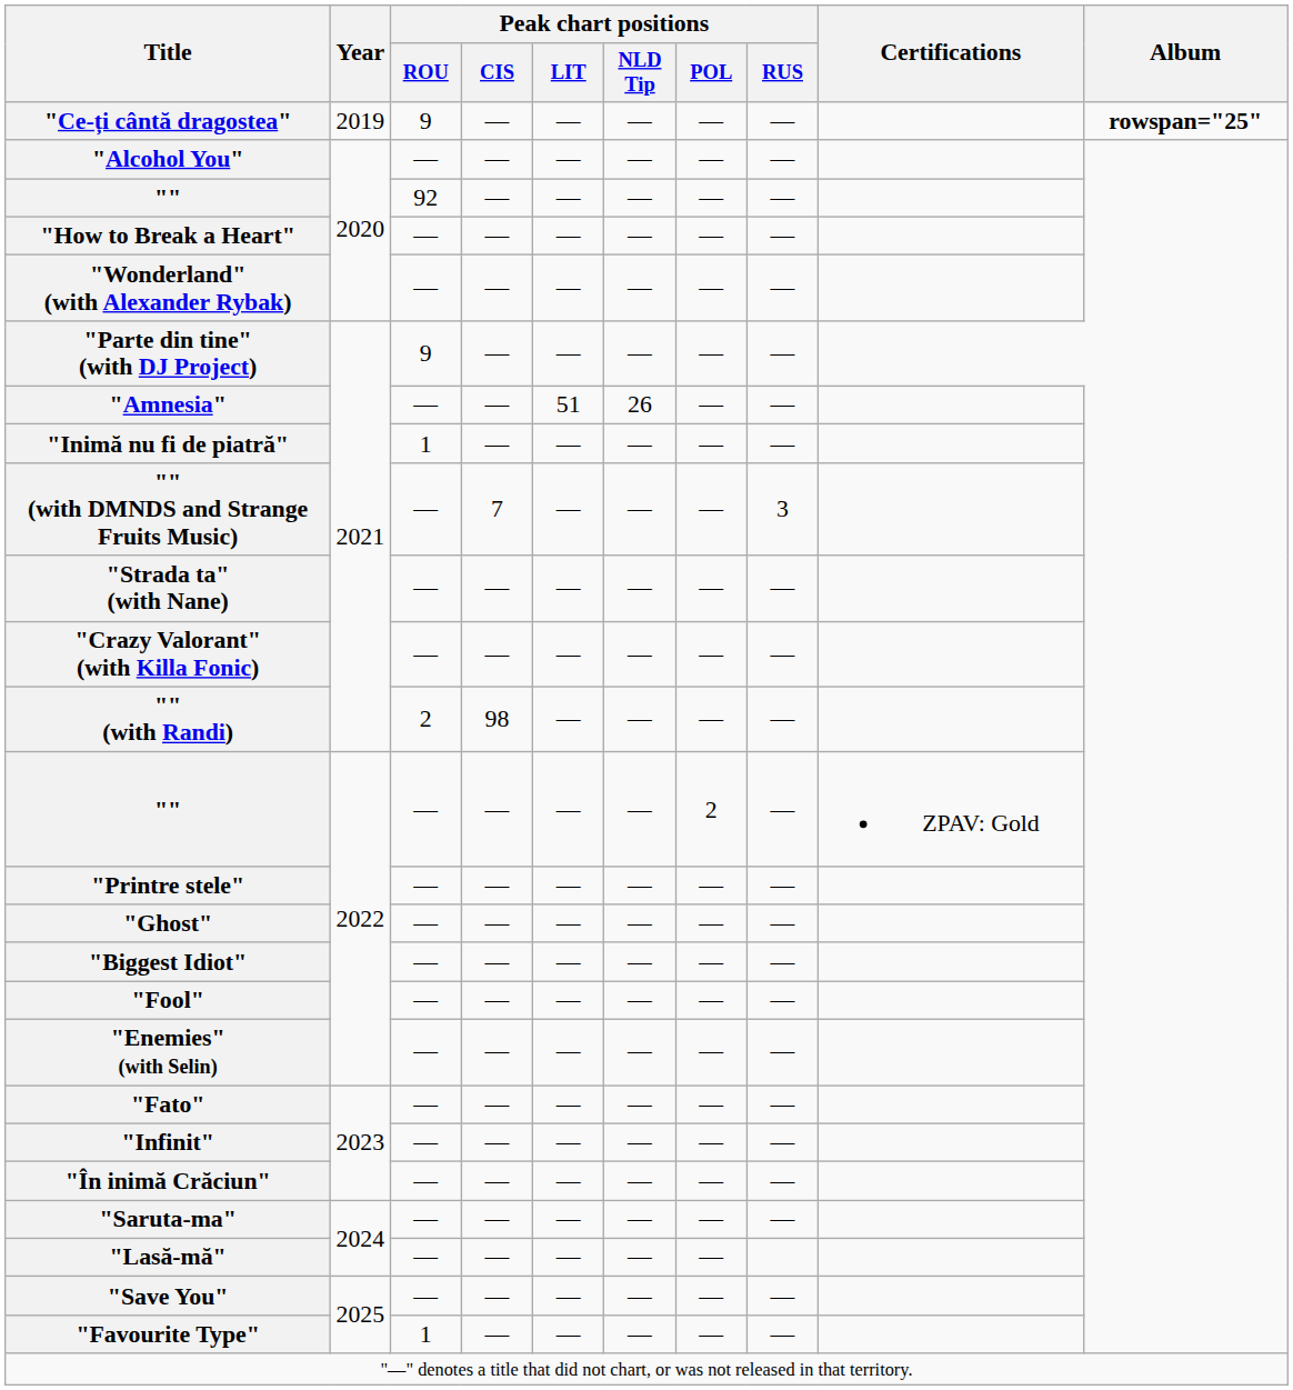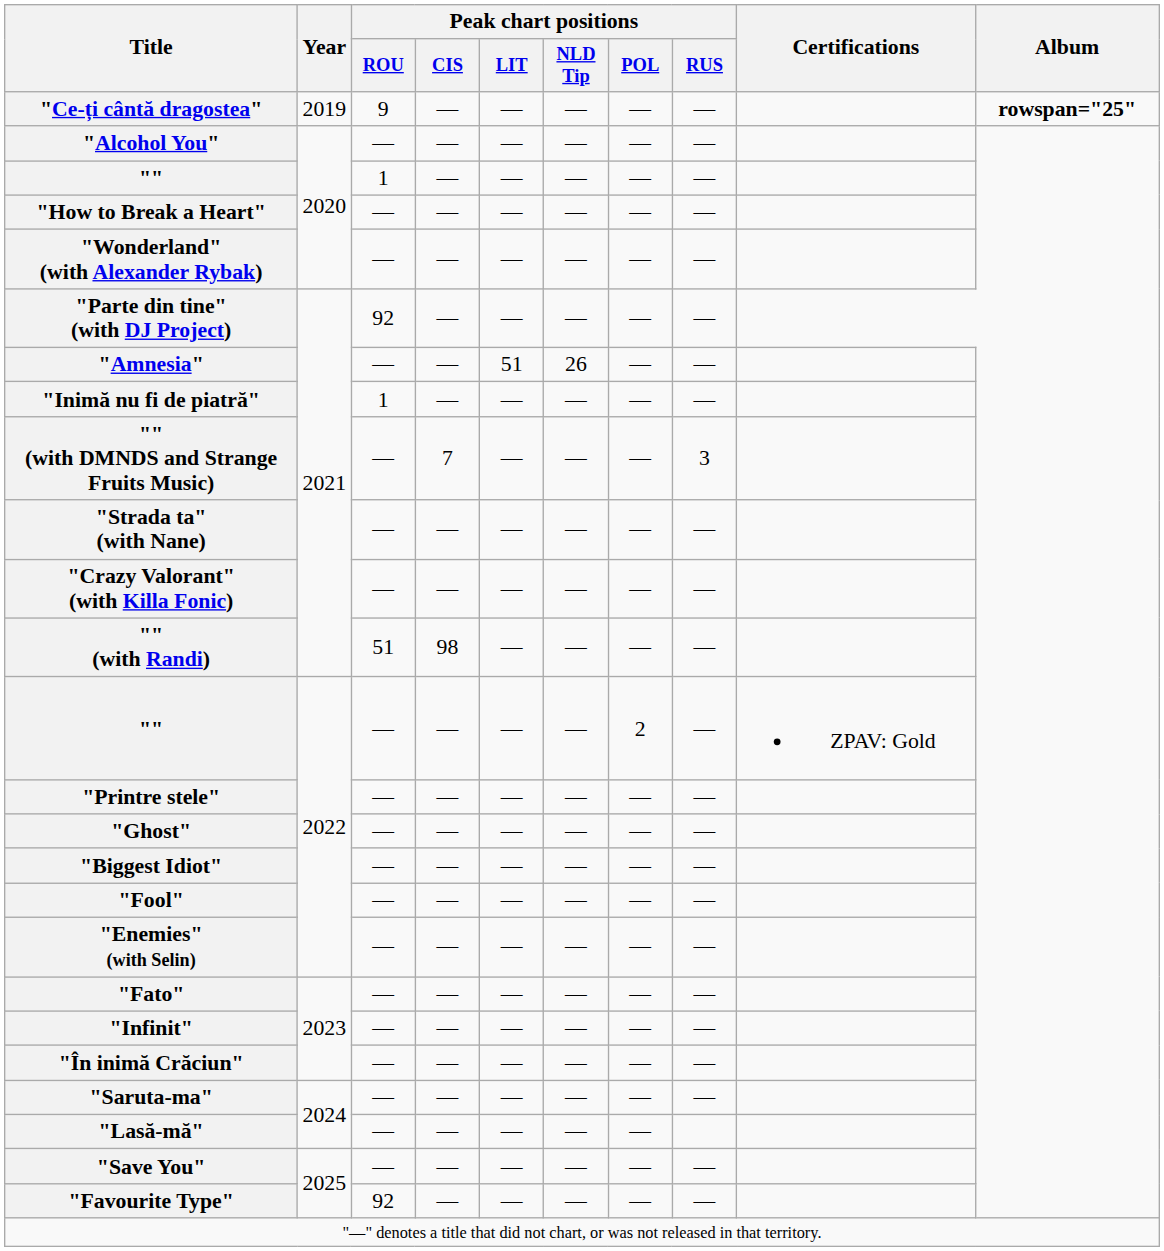 <table class="wikitable plainrowheaders" style="text-align:center;">
 <tr>
 <th scope="col" rowspan="2" style="width:13em;">Title</th>
 <th scope="col" rowspan="2" style="width:2em;">Year</th>
 <th scope="col" colspan="6">Peak chart positions</th>
 <th scope="col" rowspan="2" style="width:10.5em;">Certifications</th>
 <th scope="col" rowspan="2" style="width:8em;">Album</th>
 </tr>
 <tr>
 <th style="width:3em;font-size:85%"><a href='#'>ROU</a><br></th>
 <th style="width:3em;font-size:85%"><a href='#'>CIS</a><br></th>
 <th style="width:3em;font-size:85%"><a href='#'>LIT</a><br></th>
 <th style="width:3em;font-size:85%"><a href='#'>NLD<br>Tip</a><br></th>
 <th style="width:3em;font-size:85%"><a href='#'>POL</a><br></th>
 <th style="width:3em;font-size:85%"><a href='#'>RUS</a><br></th>
 </tr>
 <tr>
 <th scope="row">"<a href='#'>Ce-ți cântă dragostea</a>"</th>
 <td>2019</td>
 <td>9</td>
 <td>—</td>
 <td>—</td>
 <td>—</td>
 <td>—</td>
 <td>—</td>
 <td></td>
 <td><strong>rowspan="25" </strong></td>
 </tr>
 <tr>
 <th scope="row">"<a href='#'>Alcohol You</a>"</th>
 <td rowspan="4">2020</td>
 <td>—</td>
 <td>—</td>
 <td>—</td>
 <td>—</td>
 <td>—</td>
 <td>—</td>
 <td></td>
 </tr>
 <tr>
 <th scope="row">""</th>
-<td>92</td>
+<td>1</td>
 <td>—</td>
 <td>—</td>
 <td>—</td>
 <td>—</td>
 <td>—</td>
 <td></td>
 </tr>
 <tr>
 <th scope="row">"How to Break a Heart"</th>
 <td>—</td>
 <td>—</td>
 <td>—</td>
 <td>—</td>
 <td>—</td>
 <td>—</td>
 <td></td>
 </tr>
 <tr>
 <th scope="row">"Wonderland"<br><span>(with <a href='#'>Alexander Rybak</a>)</span></th>
 <td>—</td>
 <td>—</td>
 <td>—</td>
 <td>—</td>
 <td>—</td>
 <td>—</td>
 <td></td>
 </tr>
 <tr>
 <th scope="row">"Parte din tine"<br><span>(with <a href='#'>DJ Project</a>)</span></th>
 <td rowspan="7">2021</td>
-<td>9</td>
+<td>92</td>
 <td>—</td>
 <td>—</td>
 <td>—</td>
 <td>—</td>
 <td>—</td>
 </tr>
 <tr>
 <th scope="row">"<a href='#'>Amnesia</a>"</th>
 <td>—</td>
 <td>—</td>
 <td>51</td>
 <td>26</td>
 <td>—</td>
 <td>—</td>
 <td></td>
 </tr>
 <tr>
 <th scope="row">"Inimă nu fi de piatră"</th>
 <td>1</td>
 <td>—</td>
 <td>—</td>
 <td>—</td>
 <td>—</td>
 <td>—</td>
 <td></td>
 </tr>
 <tr>
 <th scope="row">""<br><span>(with DMNDS and Strange Fruits Music)</span></th>
 <td>—</td>
 <td>7</td>
 <td>—</td>
 <td>—</td>
 <td>—</td>
 <td>3</td>
 <td></td>
 </tr>
 <tr>
 <th scope="row">"Strada ta"<br><span>(with Nane)</span></th>
 <td>—</td>
 <td>—</td>
 <td>—</td>
 <td>—</td>
 <td>—</td>
 <td>—</td>
 <td></td>
 </tr>
 <tr>
 <th scope="row">"Crazy Valorant"<br><span>(with <a href='#'>Killa Fonic</a>)</span></th>
 <td>—</td>
 <td>—</td>
 <td>—</td>
 <td>—</td>
 <td>—</td>
 <td>—</td>
 <td></td>
 </tr>
 <tr>
 <th scope="row">""<br><span>(with <a href='#'>Randi</a>)</span></th>
-<td>2</td>
+<td>51</td>
 <td>98</td>
 <td>—</td>
 <td>—</td>
 <td>—</td>
 <td>—</td>
 <td></td>
 </tr>
 <tr>
 <th scope="row">""</th>
 <td rowspan="6">2022</td>
 <td>—</td>
 <td>—</td>
 <td>—</td>
 <td>—</td>
 <td>2</td>
 <td>—</td>
 <td><br><ul><li>ZPAV: Gold</li></ul></td>
 </tr>
 <tr>
 <th scope="row">"Printre stele"</th>
 <td>—</td>
 <td>—</td>
 <td>—</td>
 <td>—</td>
 <td>—</td>
 <td>—</td>
 <td></td>
 </tr>
 <tr>
 <th scope="row">"Ghost"<br></th>
 <td>—</td>
 <td>—</td>
 <td>—</td>
 <td>—</td>
 <td>—</td>
 <td>—</td>
 <td></td>
 </tr>
 <tr>
 <th scope="row">"Biggest Idiot"</th>
 <td>—</td>
 <td>—</td>
 <td>—</td>
 <td>—</td>
 <td>—</td>
 <td>—</td>
 <td></td>
 </tr>
 <tr>
 <th scope="row">"Fool"</th>
 <td>—</td>
 <td>—</td>
 <td>—</td>
 <td>—</td>
 <td>—</td>
 <td>—</td>
 <td></td>
 </tr>
 <tr>
 <th scope="row">"Enemies"<br><small>(with Selin)</small></th>
 <td>—</td>
 <td>—</td>
 <td>—</td>
 <td>—</td>
 <td>—</td>
 <td>—</td>
 <td></td>
 </tr>
 <tr>
 <th scope="row">"Fato"<br></th>
 <td rowspan="3">2023</td>
 <td>—</td>
 <td>—</td>
 <td>—</td>
 <td>—</td>
 <td>—</td>
 <td>—</td>
 <td></td>
 </tr>
 <tr>
 <th scope="row">"Infinit"</th>
 <td>—</td>
 <td>—</td>
 <td>—</td>
 <td>—</td>
 <td>—</td>
 <td>—</td>
 <td></td>
 </tr>
 <tr>
 <th scope="row">"În inimă Crăciun"</th>
 <td>—</td>
 <td>—</td>
 <td>—</td>
 <td>—</td>
 <td>—</td>
 <td>—</td>
 <td></td>
 </tr>
 <tr>
 <th scope="row">"Saruta-ma"</th>
 <td rowspan="2">2024</td>
 <td>—</td>
 <td>—</td>
 <td>—</td>
 <td>—</td>
 <td>—</td>
 <td>—</td>
 <td></td>
 </tr>
 <tr>
 <th scope="row">"Lasă-mă"</th>
 <td>—</td>
 <td>—</td>
 <td>—</td>
 <td>—</td>
 <td>—</td>
 <td></td>
 <td></td>
 </tr>
 <tr>
 <th scope="row">"Save You"</th>
 <td rowspan="2">2025</td>
 <td>—</td>
 <td>—</td>
 <td>—</td>
 <td>—</td>
 <td>—</td>
 <td>—</td>
 <td></td>
 </tr>
 <tr>
 <th scope="row">"Favourite Type"</th>
-<td>1</td>
+<td>92</td>
 <td>—</td>
 <td>—</td>
 <td>—</td>
 <td>—</td>
 <td>—</td>
 <td></td>
 </tr>
 <tr>
 <td colspan="10" style="font-size:9pt">"—" denotes a title that did not chart, or was not released in that territory.</td>
 </tr>
 </table>
